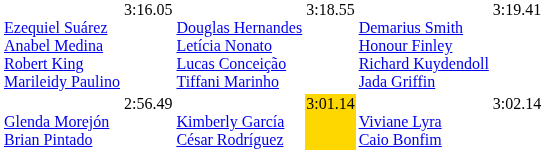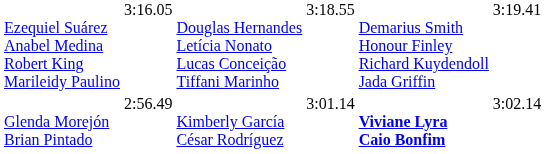 <table>
 <tr valign=top>
 <td></td>
 <td><br><a href='#'>Ezequiel Suárez</a><br><a href='#'>Anabel Medina</a><br><a href='#'>Robert King</a><br><a href='#'>Marileidy Paulino</a></td>
 <td>3:16.05</td>
 <td><br><a href='#'>Douglas Hernandes</a><br><a href='#'>Letícia Nonato</a><br><a href='#'>Lucas Conceição</a><br><a href='#'>Tiffani Marinho</a></td>
 <td>3:18.55</td>
 <td><br><a href='#'>Demarius Smith</a><br><a href='#'>Honour Finley</a><br><a href='#'>Richard Kuydendoll</a><br><a href='#'>Jada Griffin</a></td>
 <td>3:19.41<br></td>
 </tr>
 <tr valign=top>
 <td></td>
 <td><br><a href='#'>Glenda Morejón</a><br><a href='#'>Brian Pintado</a></td>
 <td>2:56.49</td>
 <td><br><a href='#'>Kimberly García</a><br><a href='#'>César Rodríguez</a></td>
-<td style="background: gold;">3:01.14</td>
-<td><br><a href='#'>Viviane Lyra</a><br><a href='#'>Caio Bonfim</a></td>
+<td>3:01.14</td>
+<td><strong><br><a href='#'>Viviane Lyra</a><br><a href='#'>Caio Bonfim</a></strong></td>
 <td>3:02.14</td>
 </tr>
 </table>
